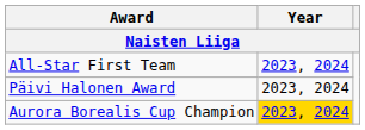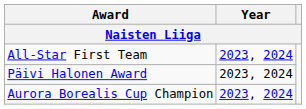 <table class="wikitable">
 <tr>
 <th>Award</th>
 <th>Year</th>
 <th></th>
 </tr>
 <tr>
 <th colspan="3"><a href='#'>Naisten Liiga</a></th>
 </tr>
 <tr>
 <td><a href='#'>All-Star</a> First Team</td>
 <td><a href='#'>2023</a>, <a href='#'>2024</a></td>
 <td rowspan="3"></td>
 </tr>
 <tr>
 <td><a href='#'>Päivi Halonen Award</a></td>
 <td>2023, 2024</td>
 </tr>
 <tr>
 <td><a href='#'>Aurora Borealis Cup</a> Champion</td>
-<td style="background: gold;"><a href='#'>2023</a>, <a href='#'>2024</a></td>
+<td><a href='#'>2023</a>, <a href='#'>2024</a></td>
 </tr>
 </table>
